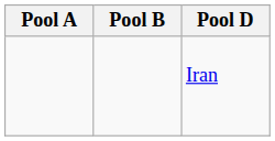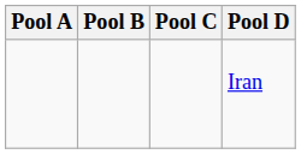 <table class="wikitable">
 <tr>
 <th width=25%>Pool A</th>
 <th width=25%>Pool B</th>
+<th width=25%>Pool C</th>
 <th width=25%>Pool D</th>
 </tr>
 <tr>
 <td><br><br> <br> <br> </td>
 <td><br><br> <br> <br> </td>
+<td><br><br> <br> <br> </td>
 <td><br> <a href='#'>Iran</a><br> <br> <br> </td>
 </tr>
 </table>
